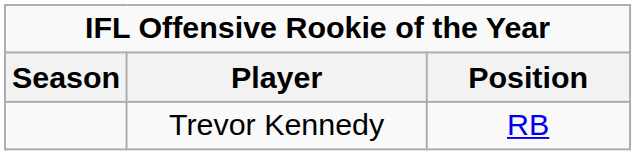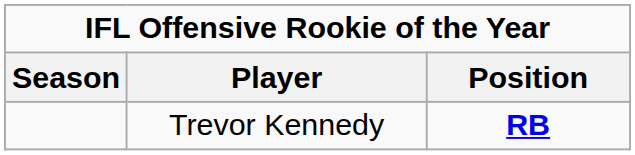 <table class="wikitable sortable" style="text-align:center">
 <tr>
 <td colspan="4"><strong>IFL Offensive Rookie of the Year</strong></td>
 </tr>
 <tr>
 <th style="width:50px; ">Season</th>
 <th style="width:150px; ">Player</th>
 <th style="width:100px; ">Position</th>
 </tr>
 <tr>
 <td></td>
 <td>Trevor Kennedy</td>
-<td><a href='#'>RB</a></td>
+<td><strong><a href='#'>RB</a></strong></td>
 </tr>
 </table>
